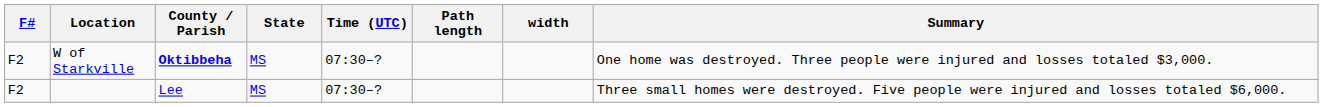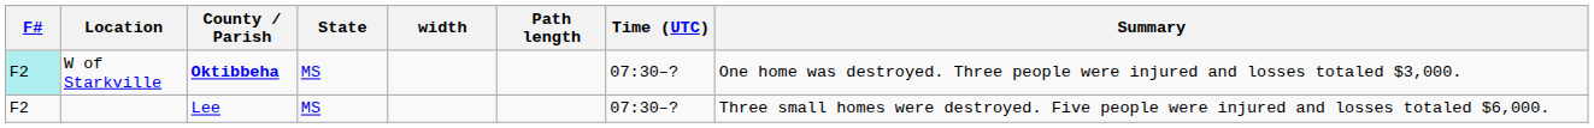 <table class="wikitable sortable" style="width:100%;">
 <tr>
 <th scope="col"  style="width:3%; text-align:center;"><a href='#'>F#</a></th>
 <th scope="col"  style="width:7%; text-align:center;" class="unsortable">Location</th>
 <th scope="col"  style="width:6%; text-align:center;" class="unsortable">County / Parish</th>
 <th scope="col"  style="width:5%; text-align:center;">State</th>
+<th scope="col"  style="width:6%; text-align:center;"> width</th>
+<th scope="col"  style="width:6%; text-align:center;">Path length</th>
 <th scope="col"  style="width:6%; text-align:center;">Time (<a href='#'>UTC</a>)</th>
-<th scope="col"  style="width:6%; text-align:center;">Path length</th>
-<th scope="col"  style="width:6%; text-align:center;"> width</th>
 <th scope="col" class="unsortable" style="width:48%; text-align:center;">Summary</th>
 </tr>
 <tr>
-<td>F2</td>
+<td style="background: paleturquoise;">F2</td>
 <td>W of <a href='#'>Starkville</a></td>
 <td><strong><a href='#'>Oktibbeha</a></strong></td>
 <td><a href='#'>MS</a></td>
-<td>07:30–?</td>
 <td></td>
 <td></td>
+<td>07:30–?</td>
 <td>One home was destroyed. Three people were injured and losses totaled $3,000.</td>
 </tr>
 <tr>
 <td>F2</td>
 <td></td>
 <td><a href='#'>Lee</a></td>
 <td><a href='#'>MS</a></td>
-<td>07:30–?</td>
 <td></td>
 <td></td>
+<td>07:30–?</td>
 <td>Three small homes were destroyed. Five people were injured and losses totaled $6,000.</td>
 </tr>
 </table>
